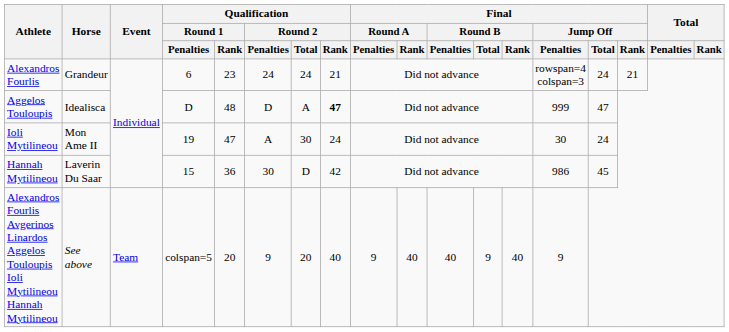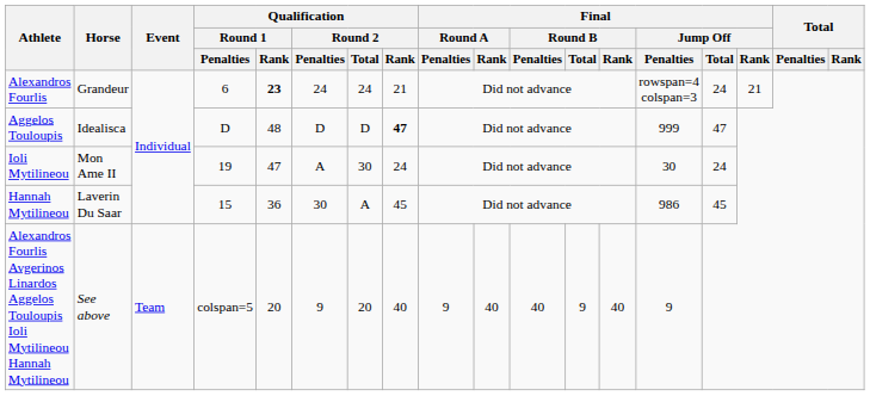 <table class=wikitable style=font-size:90%;text-align:center>
 <tr>
 <th rowspan="3">Athlete</th>
 <th rowspan="3">Horse</th>
 <th rowspan="3">Event</th>
 <th colspan="5">Qualification</th>
 <th colspan="8">Final</th>
 <th rowspan=2 colspan="2">Total</th>
 </tr>
 <tr style="font-size:95%">
 <th colspan="2">Round 1</th>
 <th colspan="3">Round 2</th>
 <th colspan="2">Round A</th>
 <th colspan="3">Round B</th>
 <th colspan="3">Jump Off</th>
 </tr>
 <tr style="font-size:95%">
 <th>Penalties</th>
 <th>Rank</th>
 <th>Penalties</th>
 <th>Total</th>
 <th>Rank</th>
 <th>Penalties</th>
 <th>Rank</th>
 <th>Penalties</th>
 <th>Total</th>
 <th>Rank</th>
 <th>Penalties</th>
 <th>Total</th>
 <th>Rank</th>
 <th>Penalties</th>
 <th>Rank</th>
 </tr>
 <tr>
 <td align=left><a href='#'>Alexandros Fourlis</a></td>
 <td align=left>Grandeur</td>
 <td align=left rowspan=4><a href='#'>Individual</a></td>
 <td>6</td>
-<td>23</td>
+<td><strong>23</strong></td>
 <td>24</td>
 <td>24</td>
 <td>21</td>
 <td colspan=5>Did not advance</td>
 <td>rowspan=4 colspan=3 </td>
 <td>24</td>
 <td>21</td>
 </tr>
 <tr>
 <td align=left><a href='#'>Aggelos Touloupis</a></td>
 <td align=left>Idealisca</td>
 <td>D</td>
 <td>48</td>
 <td>D</td>
-<td>A</td>
+<td>D</td>
 <td><strong>47</strong></td>
 <td colspan=5>Did not advance</td>
 <td>999</td>
 <td>47</td>
 </tr>
 <tr>
 <td align=left><a href='#'>Ioli Mytilineou</a></td>
 <td align=left>Mon Ame II</td>
 <td>19</td>
 <td>47</td>
 <td>A</td>
 <td>30</td>
 <td>24</td>
 <td colspan=5>Did not advance</td>
 <td>30</td>
 <td>24</td>
 </tr>
 <tr>
 <td align=left><a href='#'>Hannah Mytilineou</a></td>
 <td align=left>Laverin Du Saar</td>
 <td>15</td>
 <td>36</td>
 <td>30</td>
-<td>D</td>
-<td>42</td>
+<td>A</td>
+<td>45</td>
 <td colspan=5>Did not advance</td>
 <td>986</td>
 <td>45</td>
 </tr>
 <tr>
 <td align=left><a href='#'>Alexandros Fourlis</a><br><a href='#'>Avgerinos Linardos</a><br><a href='#'>Aggelos Touloupis</a><br><a href='#'>Ioli Mytilineou</a><br><a href='#'>Hannah Mytilineou</a></td>
 <td align=left><em>See above</em></td>
 <td align=left><a href='#'>Team</a></td>
 <td>colspan=5 </td>
 <td>20</td>
 <td>9</td>
 <td>20</td>
 <td>40</td>
 <td>9</td>
 <td>40</td>
 <td>40</td>
 <td>9</td>
 <td>40</td>
 <td>9</td>
 </tr>
 </table>
